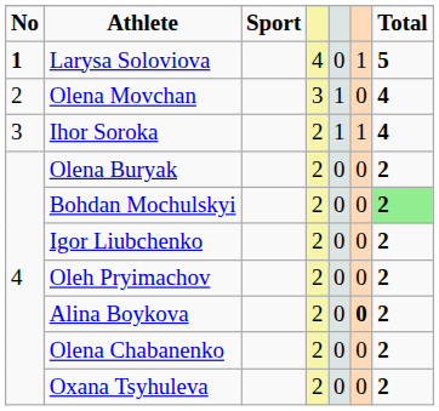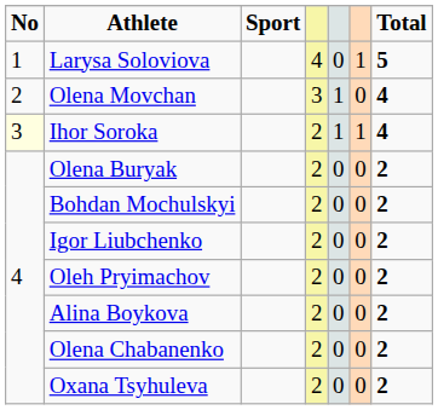 <table class="wikitable">
 <tr style="background:#efefef;">
 </tr>
 <tr align=center>
 <td><strong>No</strong></td>
 <td><strong>Athlete</strong></td>
 <td><strong>Sport</strong></td>
 <td bgcolor=#f7f6a8></td>
 <td bgcolor=#dce5e5></td>
 <td bgcolor=#ffdab9></td>
 <td><strong>Total</strong></td>
 </tr>
 <tr>
-<td><strong>1</strong></td>
+<td>1</td>
 <td><a href='#'>Larysa Soloviova</a></td>
 <td></td>
 <td bgcolor=#f7f6a8>4</td>
 <td bgcolor=#dce5e5>0</td>
 <td bgcolor=#ffdab9>1</td>
 <td><strong>5</strong></td>
 </tr>
 <tr>
 <td>2</td>
 <td><a href='#'>Olena Movchan</a></td>
 <td></td>
 <td bgcolor=#f7f6a8>3</td>
 <td bgcolor=#dce5e5>1</td>
 <td bgcolor=#ffdab9>0</td>
 <td><strong>4</strong></td>
 </tr>
 <tr>
-<td>3</td>
+<td style="background: lightyellow;">3</td>
 <td><a href='#'>Ihor Soroka</a></td>
 <td></td>
 <td bgcolor=#f7f6a8>2</td>
 <td bgcolor=#dce5e5>1</td>
 <td bgcolor=#ffdab9>1</td>
 <td><strong>4</strong></td>
 </tr>
 <tr>
 <td rowspan=7>4</td>
 <td><a href='#'>Olena Buryak</a></td>
 <td></td>
 <td bgcolor=#f7f6a8>2</td>
 <td bgcolor=#dce5e5>0</td>
 <td bgcolor=#ffdab9>0</td>
 <td><strong>2</strong></td>
 </tr>
 <tr>
 <td><a href='#'>Bohdan Mochulskyi</a></td>
 <td></td>
 <td bgcolor=#f7f6a8>2</td>
 <td bgcolor=#dce5e5>0</td>
 <td bgcolor=#ffdab9>0</td>
-<td style="background: lightgreen;"><strong>2</strong></td>
+<td><strong>2</strong></td>
 </tr>
 <tr>
 <td><a href='#'>Igor Liubchenko</a></td>
 <td></td>
 <td bgcolor=#f7f6a8>2</td>
 <td bgcolor=#dce5e5>0</td>
 <td bgcolor=#ffdab9>0</td>
 <td><strong>2</strong></td>
 </tr>
 <tr>
 <td><a href='#'>Oleh Pryimachov</a></td>
 <td></td>
 <td bgcolor=#f7f6a8>2</td>
 <td bgcolor=#dce5e5>0</td>
 <td bgcolor=#ffdab9>0</td>
 <td><strong>2</strong></td>
 </tr>
 <tr>
 <td><a href='#'>Alina Boykova</a></td>
 <td></td>
 <td bgcolor=#f7f6a8>2</td>
 <td bgcolor=#dce5e5>0</td>
-<td bgcolor=#ffdab9><strong>0</strong></td>
+<td bgcolor=#ffdab9>0</td>
 <td><strong>2</strong></td>
 </tr>
 <tr>
 <td><a href='#'>Olena Chabanenko</a></td>
 <td></td>
 <td bgcolor=#f7f6a8>2</td>
 <td bgcolor=#dce5e5>0</td>
 <td bgcolor=#ffdab9>0</td>
 <td><strong>2</strong></td>
 </tr>
 <tr>
 <td><a href='#'>Oxana Tsyhuleva</a></td>
 <td></td>
 <td bgcolor=#f7f6a8>2</td>
 <td bgcolor=#dce5e5>0</td>
 <td bgcolor=#ffdab9>0</td>
 <td><strong>2</strong></td>
 </tr>
 </table>
